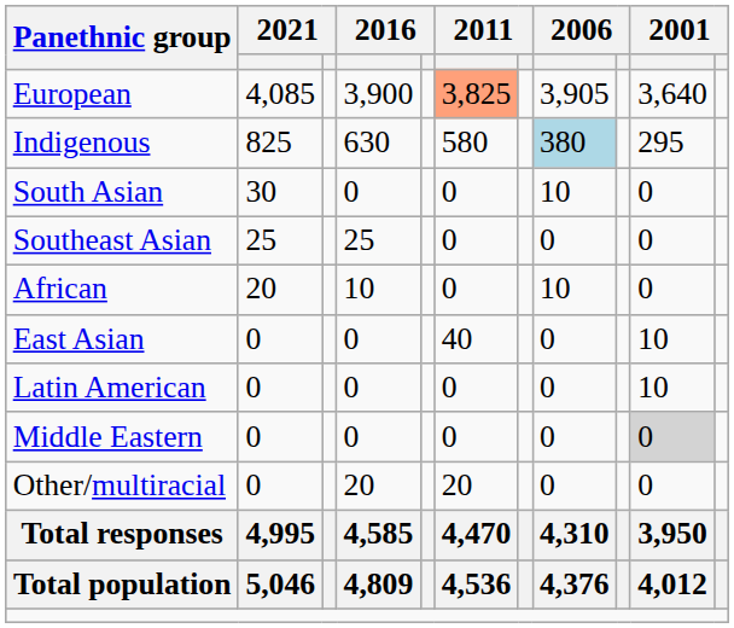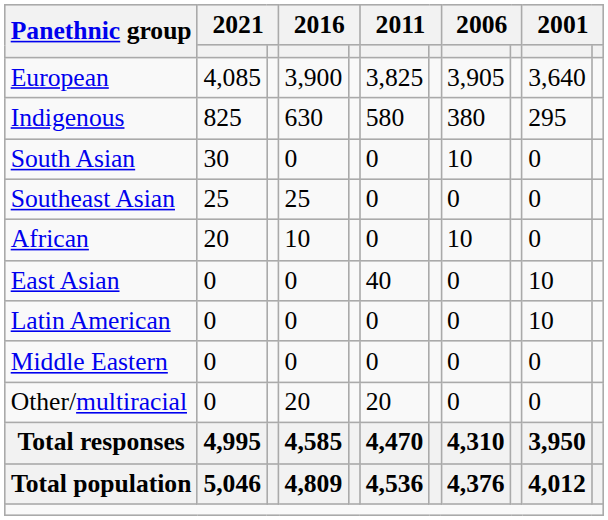 <table class="wikitable collapsible sortable">
 <tr>
 <th rowspan="2"><a href='#'>Panethnic</a> group</th>
 <th colspan="2">2021</th>
 <th colspan="2">2016</th>
 <th colspan="2">2011</th>
 <th colspan="2">2006</th>
 <th colspan="2">2001</th>
 </tr>
 <tr>
 <th><a href='#'></a></th>
 <th></th>
 <th></th>
 <th></th>
 <th></th>
 <th></th>
 <th></th>
 <th></th>
 <th></th>
 <th></th>
 </tr>
 <tr>
 <td><a href='#'>European</a></td>
 <td>4,085</td>
 <td></td>
 <td>3,900</td>
 <td></td>
-<td style="background: lightsalmon;">3,825</td>
+<td>3,825</td>
 <td></td>
 <td>3,905</td>
 <td></td>
 <td>3,640</td>
 <td></td>
 </tr>
 <tr>
 <td><a href='#'>Indigenous</a></td>
 <td>825</td>
 <td></td>
 <td>630</td>
 <td></td>
 <td>580</td>
 <td></td>
-<td style="background: lightblue;">380</td>
+<td>380</td>
 <td></td>
 <td>295</td>
 <td></td>
 </tr>
 <tr>
 <td><a href='#'>South Asian</a></td>
 <td>30</td>
 <td></td>
 <td>0</td>
 <td></td>
 <td>0</td>
 <td></td>
 <td>10</td>
 <td></td>
 <td>0</td>
 <td></td>
 </tr>
 <tr>
 <td><a href='#'>Southeast Asian</a></td>
 <td>25</td>
 <td></td>
 <td>25</td>
 <td></td>
 <td>0</td>
 <td></td>
 <td>0</td>
 <td></td>
 <td>0</td>
 <td></td>
 </tr>
 <tr>
 <td><a href='#'>African</a></td>
 <td>20</td>
 <td></td>
 <td>10</td>
 <td></td>
 <td>0</td>
 <td></td>
 <td>10</td>
 <td></td>
 <td>0</td>
 <td></td>
 </tr>
 <tr>
 <td><a href='#'>East Asian</a></td>
 <td>0</td>
 <td></td>
 <td>0</td>
 <td></td>
 <td>40</td>
 <td></td>
 <td>0</td>
 <td></td>
 <td>10</td>
 <td></td>
 </tr>
 <tr>
 <td><a href='#'>Latin American</a></td>
 <td>0</td>
 <td></td>
 <td>0</td>
 <td></td>
 <td>0</td>
 <td></td>
 <td>0</td>
 <td></td>
 <td>10</td>
 <td></td>
 </tr>
 <tr>
 <td><a href='#'>Middle Eastern</a></td>
 <td>0</td>
 <td></td>
 <td>0</td>
 <td></td>
 <td>0</td>
 <td></td>
 <td>0</td>
 <td></td>
-<td style="background: lightgrey;">0</td>
+<td>0</td>
 <td></td>
 </tr>
 <tr>
 <td>Other/<a href='#'>multiracial</a></td>
 <td>0</td>
 <td></td>
 <td>20</td>
 <td></td>
 <td>20</td>
 <td></td>
 <td>0</td>
 <td></td>
 <td>0</td>
 <td></td>
 </tr>
 <tr>
 <th>Total responses</th>
 <th>4,995</th>
 <th></th>
 <th>4,585</th>
 <th></th>
 <th>4,470</th>
 <th></th>
 <th>4,310</th>
 <th></th>
 <th>3,950</th>
 <th></th>
 </tr>
 <tr class="sortbottom">
 <th>Total population</th>
 <th>5,046</th>
 <th></th>
 <th>4,809</th>
 <th></th>
 <th>4,536</th>
 <th></th>
 <th>4,376</th>
 <th></th>
 <th>4,012</th>
 <th></th>
 </tr>
 <tr class="sortbottom">
 <td colspan="11"></td>
 </tr>
 </table>
